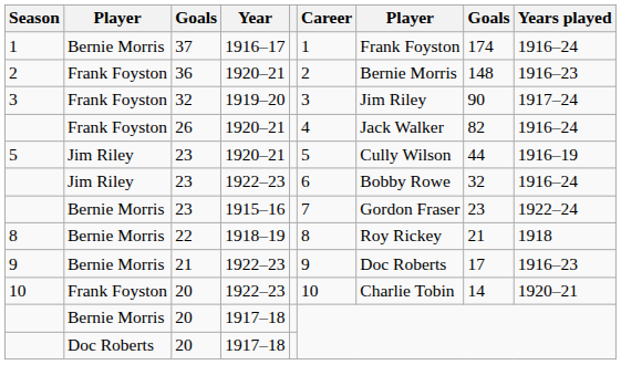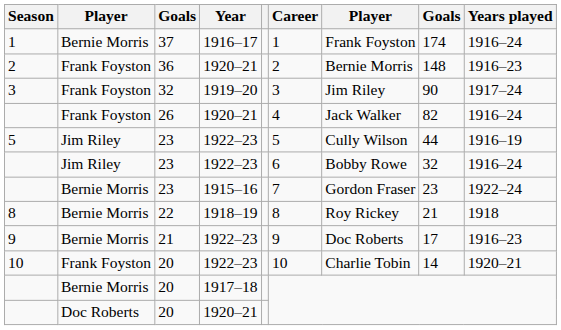 <table class="wikitable">
 <tr>
 <th>Season</th>
 <th>Player</th>
 <th>Goals</th>
 <th>Year</th>
 <th></th>
 <th>Career</th>
 <th>Player</th>
 <th>Goals</th>
 <th>Years played</th>
 </tr>
 <tr>
 <td>1</td>
 <td>Bernie Morris</td>
 <td>37</td>
 <td>1916–17</td>
 <td></td>
 <td>1</td>
 <td>Frank Foyston</td>
 <td>174</td>
 <td>1916–24</td>
 </tr>
 <tr>
 <td>2</td>
 <td>Frank Foyston</td>
 <td>36</td>
 <td>1920–21</td>
 <td></td>
 <td>2</td>
 <td>Bernie Morris</td>
 <td>148</td>
 <td>1916–23</td>
 </tr>
 <tr>
 <td>3</td>
 <td>Frank Foyston</td>
 <td>32</td>
 <td>1919–20</td>
 <td></td>
 <td>3</td>
 <td>Jim Riley</td>
 <td>90</td>
 <td>1917–24</td>
 </tr>
 <tr>
 <td></td>
 <td>Frank Foyston</td>
 <td>26</td>
 <td>1920–21</td>
 <td></td>
 <td>4</td>
 <td>Jack Walker</td>
 <td>82</td>
 <td>1916–24</td>
 </tr>
 <tr>
 <td>5</td>
 <td>Jim Riley</td>
 <td>23</td>
-<td>1920–21</td>
+<td>1922–23</td>
 <td></td>
 <td>5</td>
 <td>Cully Wilson</td>
 <td>44</td>
 <td>1916–19</td>
 </tr>
 <tr>
 <td></td>
 <td>Jim Riley</td>
 <td>23</td>
 <td>1922–23</td>
 <td></td>
 <td>6</td>
 <td>Bobby Rowe</td>
 <td>32</td>
 <td>1916–24</td>
 </tr>
 <tr>
 <td></td>
 <td>Bernie Morris</td>
 <td>23</td>
 <td>1915–16</td>
 <td></td>
 <td>7</td>
 <td>Gordon Fraser</td>
 <td>23</td>
 <td>1922–24</td>
 </tr>
 <tr>
 <td>8</td>
 <td>Bernie Morris</td>
 <td>22</td>
 <td>1918–19</td>
 <td></td>
 <td>8</td>
 <td>Roy Rickey</td>
 <td>21</td>
 <td>1918</td>
 </tr>
 <tr>
 <td>9</td>
 <td>Bernie Morris</td>
 <td>21</td>
 <td>1922–23</td>
 <td></td>
 <td>9</td>
 <td>Doc Roberts</td>
 <td>17</td>
 <td>1916–23</td>
 </tr>
 <tr>
 <td>10</td>
 <td>Frank Foyston</td>
 <td>20</td>
 <td>1922–23</td>
 <td></td>
 <td>10</td>
 <td>Charlie Tobin</td>
 <td>14</td>
 <td>1920–21</td>
 </tr>
 <tr>
 <td></td>
 <td>Bernie Morris</td>
 <td>20</td>
 <td>1917–18</td>
 <td></td>
 </tr>
 <tr>
 <td></td>
 <td>Doc Roberts</td>
 <td>20</td>
-<td>1917–18</td>
+<td>1920–21</td>
 <td></td>
 </tr>
 </table>
